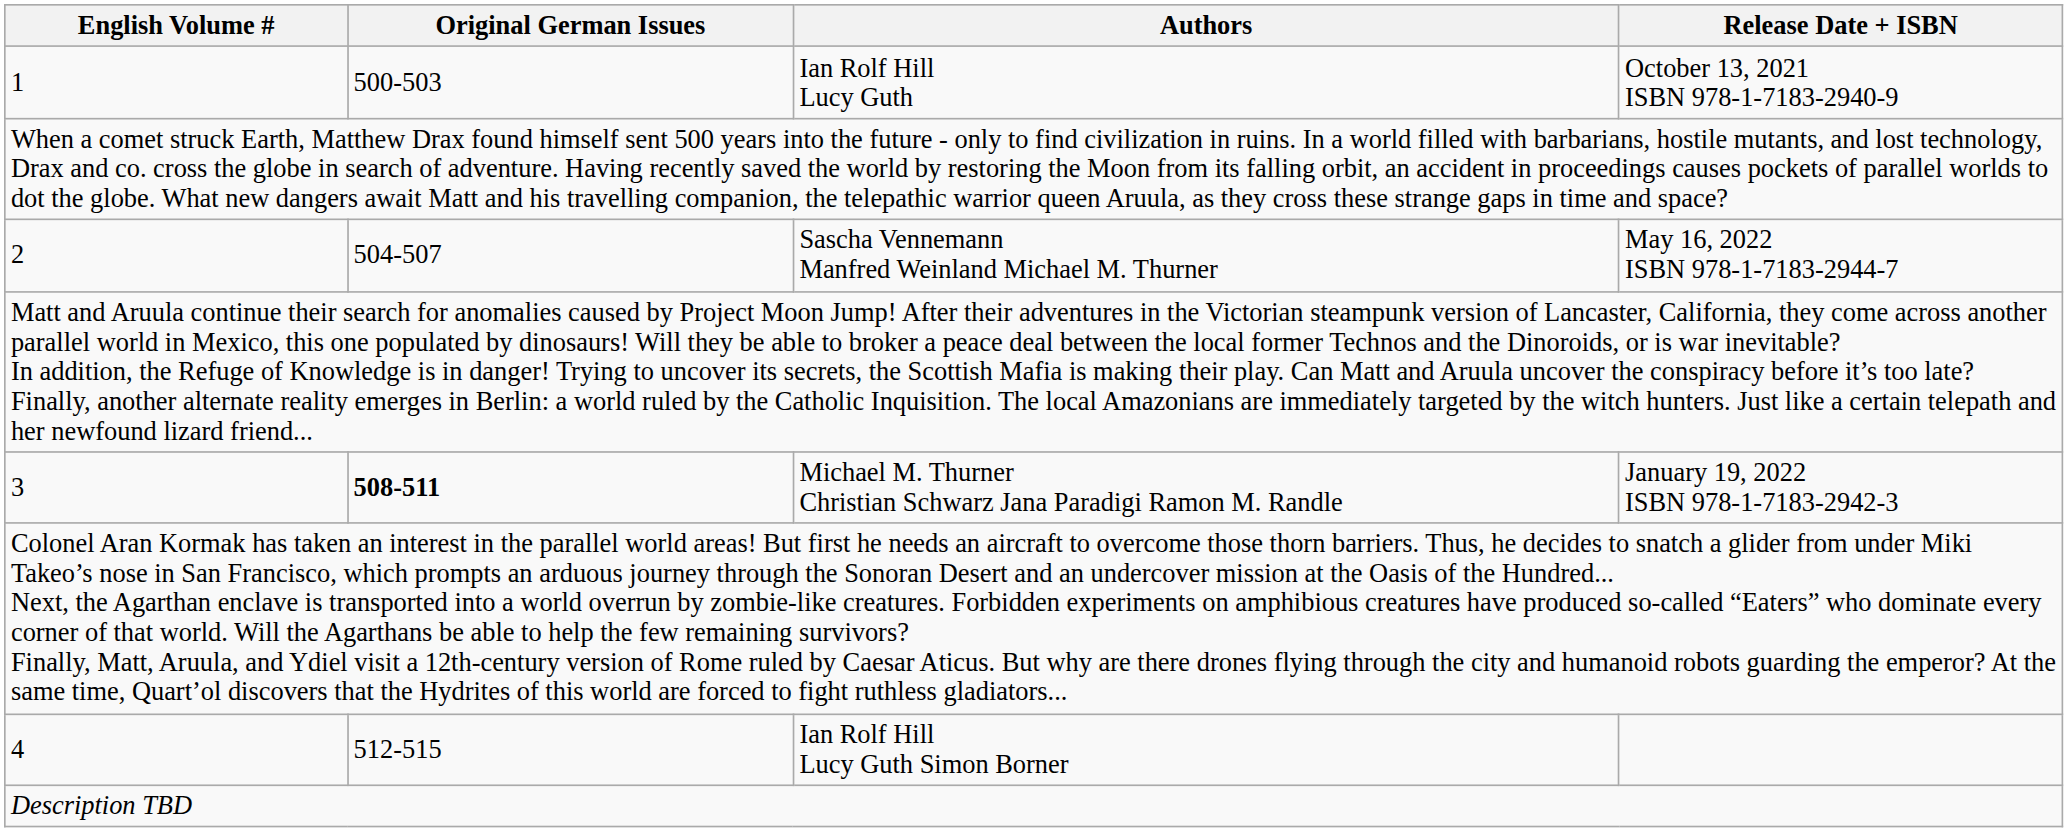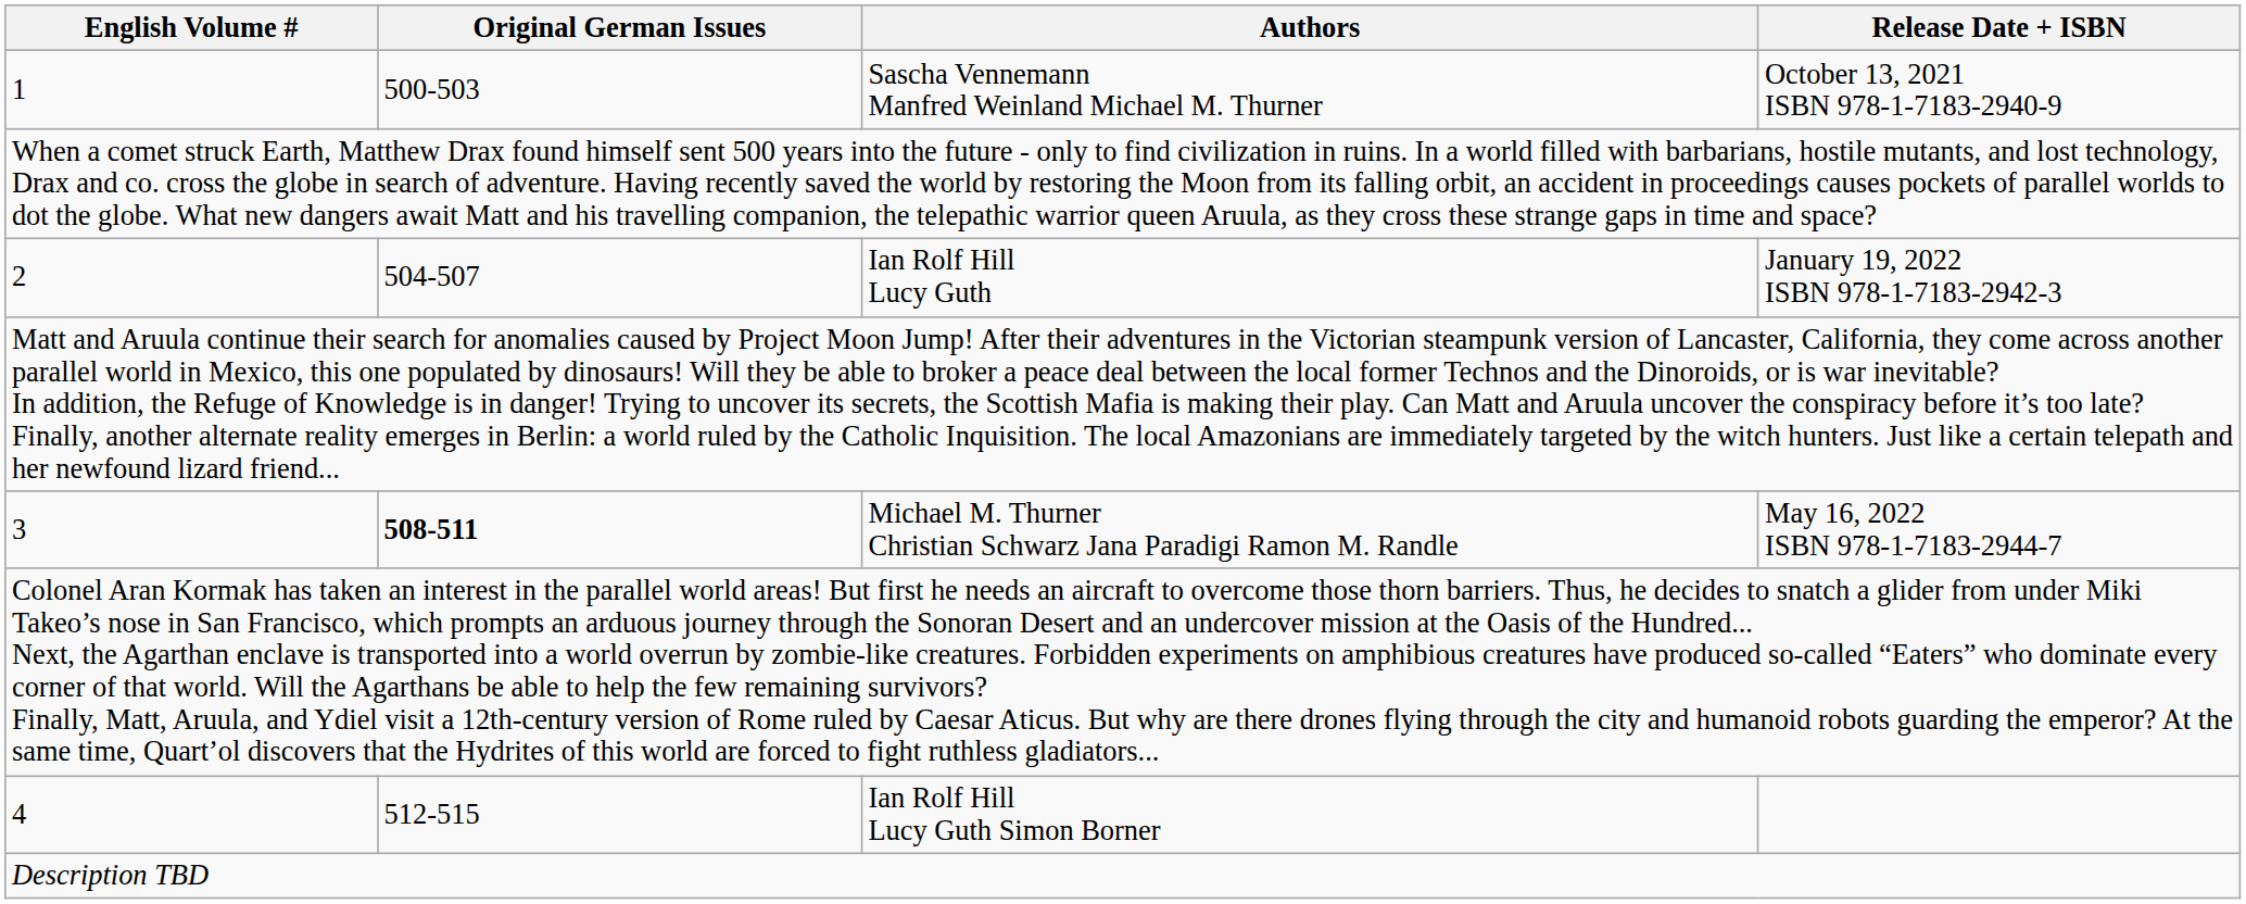 <table class="wikitable">
 <tr>
 <th>English Volume #</th>
 <th>Original German Issues</th>
 <th>Authors</th>
 <th>Release Date + ISBN</th>
 </tr>
 <tr>
 <td>1</td>
 <td>500-503</td>
-<td>Ian Rolf Hill<br>Lucy Guth</td>
+<td>Sascha Vennemann<br>Manfred Weinland Michael M. Thurner</td>
 <td>October 13, 2021<br>ISBN 978-1-7183-2940-9</td>
 </tr>
 <tr>
 <td colspan="4">When a comet struck Earth, Matthew Drax found himself sent 500 years into the future - only to find civilization in ruins. In a world filled with barbarians, hostile mutants, and lost technology, Drax and co. cross the globe in search of adventure. Having recently saved the world by restoring the Moon from its falling orbit, an accident in proceedings causes pockets of parallel worlds to dot the globe. What new dangers await Matt and his travelling companion, the telepathic warrior queen Aruula, as they cross these strange gaps in time and space?</td>
 </tr>
 <tr>
 <td>2</td>
 <td>504-507</td>
-<td>Sascha Vennemann<br>Manfred Weinland Michael M. Thurner</td>
-<td>May 16, 2022<br>ISBN 978-1-7183-2944-7</td>
+<td>Ian Rolf Hill<br>Lucy Guth</td>
+<td>January 19, 2022<br>ISBN 978-1-7183-2942-3</td>
 </tr>
 <tr>
 <td colspan="4">Matt and Aruula continue their search for anomalies caused by Project Moon Jump! After their adventures in the Victorian steampunk version of Lancaster, California, they come across another parallel world in Mexico, this one populated by dinosaurs! Will they be able to broker a peace deal between the local former Technos and the Dinoroids, or is war inevitable?<br>In addition, the Refuge of Knowledge is in danger! Trying to uncover its secrets, the Scottish Mafia is making their play. Can Matt and Aruula uncover the conspiracy before it’s too late?<br>Finally, another alternate reality emerges in Berlin: a world ruled by the Catholic Inquisition. The local Amazonians are immediately targeted by the witch hunters. Just like a certain telepath and her newfound lizard friend...</td>
 </tr>
 <tr>
 <td>3</td>
 <td><strong>508-511</strong></td>
 <td>Michael M. Thurner<br>Christian Schwarz Jana Paradigi Ramon M. Randle</td>
-<td>January 19, 2022<br>ISBN 978-1-7183-2942-3</td>
+<td>May 16, 2022<br>ISBN 978-1-7183-2944-7</td>
 </tr>
 <tr>
 <td colspan="4">Colonel Aran Kormak has taken an interest in the parallel world areas! But first he needs an aircraft to overcome those thorn barriers. Thus, he decides to snatch a glider from under Miki Takeo’s nose in San Francisco, which prompts an arduous journey through the Sonoran Desert and an undercover mission at the Oasis of the Hundred...<br>Next, the Agarthan enclave is transported into a world overrun by zombie-like creatures. Forbidden experiments on amphibious creatures have produced so-called “Eaters” who dominate every corner of that world. Will the Agarthans be able to help the few remaining survivors?<br>Finally, Matt, Aruula, and Ydiel visit a 12th-century version of Rome ruled by Caesar Aticus. But why are there drones flying through the city and humanoid robots guarding the emperor? At the same time, Quart’ol discovers that the Hydrites of this world are forced to fight ruthless gladiators...</td>
 </tr>
 <tr>
 <td>4</td>
 <td>512-515</td>
 <td>Ian Rolf Hill<br>Lucy Guth Simon Borner</td>
 <td></td>
 </tr>
 <tr>
 <td colspan="4"><em>Description TBD</em></td>
 </tr>
 </table>
